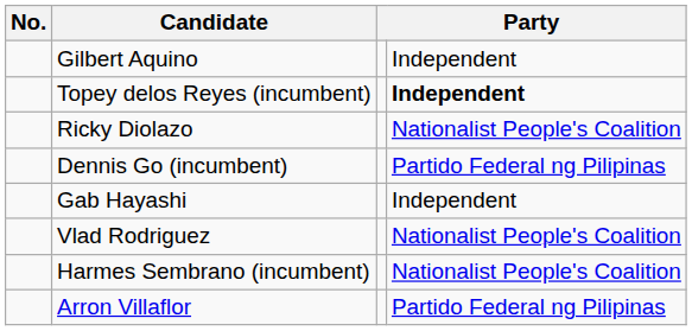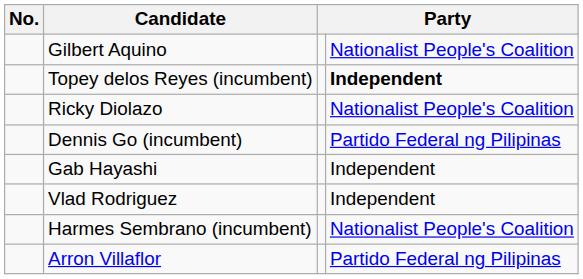 <table class="wikitable sortable" style="text-align:left;">
 <tr>
 <th>No.</th>
 <th>Candidate</th>
 <th colspan="2">Party</th>
 </tr>
 <tr>
 <td></td>
 <td>Gilbert Aquino</td>
 <td></td>
-<td>Independent</td>
+<td><a href='#'>Nationalist People's Coalition</a></td>
 </tr>
 <tr>
 <td></td>
 <td>Topey delos Reyes (incumbent)</td>
 <td></td>
 <td><strong>Independent</strong></td>
 </tr>
 <tr>
 <td></td>
 <td>Ricky Diolazo</td>
 <td></td>
 <td><a href='#'>Nationalist People's Coalition</a></td>
 </tr>
 <tr>
 <td></td>
 <td>Dennis Go (incumbent)</td>
 <td></td>
 <td><a href='#'>Partido Federal ng Pilipinas</a></td>
 </tr>
 <tr>
 <td></td>
 <td>Gab Hayashi</td>
 <td></td>
 <td>Independent</td>
 </tr>
 <tr>
 <td></td>
 <td>Vlad Rodriguez</td>
 <td></td>
-<td><a href='#'>Nationalist People's Coalition</a></td>
+<td>Independent</td>
 </tr>
 <tr>
 <td></td>
 <td>Harmes Sembrano (incumbent)</td>
 <td></td>
 <td><a href='#'>Nationalist People's Coalition</a></td>
 </tr>
 <tr>
 <td></td>
 <td><a href='#'>Arron Villaflor</a></td>
 <td></td>
 <td><a href='#'>Partido Federal ng Pilipinas</a></td>
 </tr>
 </table>
